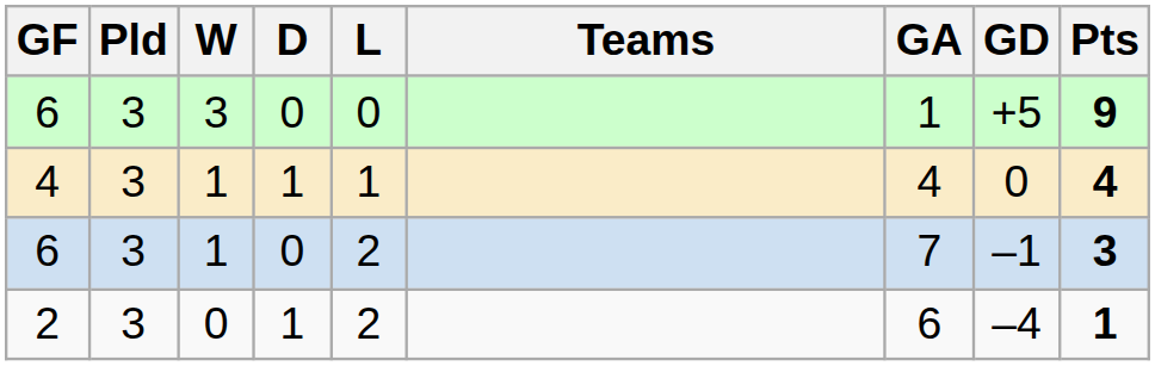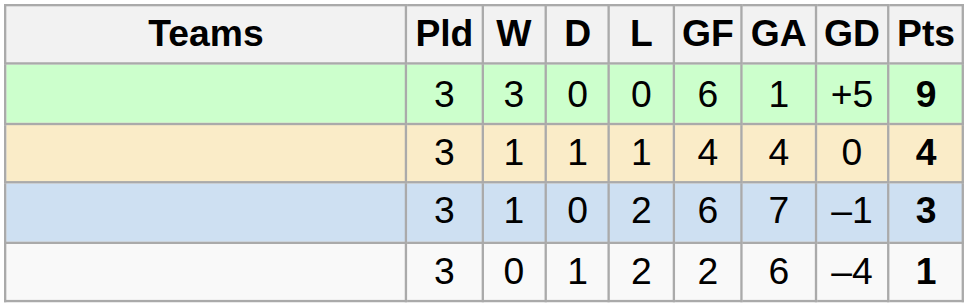 <table class="wikitable" style="text-align: center;">
 <tr>
-<th width=20>GF</th>
+<th width=165>Teams</th>
 <th width=20>Pld</th>
 <th width=20>W</th>
 <th width=20>D</th>
 <th width=20>L</th>
-<th width=165>Teams</th>
+<th width=20>GF</th>
 <th width=20>GA</th>
 <th width=20>GD</th>
 <th width=20>Pts</th>
 </tr>
 <tr align=center style="background:#ccffcc;">
-<td>6</td>
+<td style="text-align:left;"></td>
 <td>3</td>
 <td>3</td>
 <td>0</td>
 <td>0</td>
-<td style="text-align:left;"></td>
+<td>6</td>
 <td>1</td>
 <td>+5</td>
 <td><strong>9</strong></td>
 </tr>
 <tr align=center style="background:#faecc8;">
-<td>4</td>
+<td style="text-align:left;"></td>
 <td>3</td>
 <td>1</td>
 <td>1</td>
 <td>1</td>
-<td style="text-align:left;"></td>
+<td>4</td>
 <td>4</td>
 <td>0</td>
 <td><strong>4</strong></td>
 </tr>
 <tr align=center style="background:#CEE0F2;">
-<td>6</td>
+<td style="text-align:left;"></td>
 <td>3</td>
 <td>1</td>
 <td>0</td>
 <td>2</td>
-<td style="text-align:left;"></td>
+<td>6</td>
 <td>7</td>
 <td>–1</td>
 <td><strong>3</strong></td>
 </tr>
 <tr align=center>
-<td>2</td>
+<td style="text-align:left;"></td>
 <td>3</td>
 <td>0</td>
 <td>1</td>
 <td>2</td>
-<td style="text-align:left;"></td>
+<td>2</td>
 <td>6</td>
 <td>–4</td>
 <td><strong>1</strong></td>
 </tr>
 </table>
